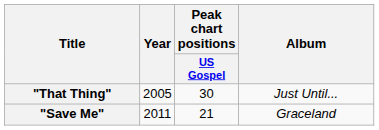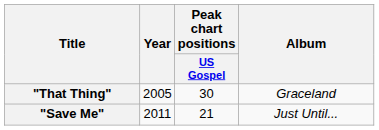 <table class="wikitable plainrowheaders" style="text-align:center;" border="1">
 <tr>
 <th scope="col" rowspan="2" style="width:10em;">Title</th>
 <th scope="col" rowspan="2" style="width:2em;">Year</th>
 <th scope="col" colspan="1">Peak<br>chart<br>positions</th>
 <th scope="col" rowspan="2" style="width:10em;">Album</th>
 </tr>
 <tr>
 <th scope="col" style="width:3em;font-size:85%;"><a href='#'>US<br>Gospel</a><br></th>
 </tr>
 <tr>
 <th scope="row">"That Thing"</th>
 <td rowspan="1">2005</td>
 <td>30</td>
-<td rowspan="1"><em>Just Until...</em></td>
+<td rowspan="1"><em>Graceland</em></td>
 </tr>
 <tr>
 <th scope="row">"Save Me"</th>
 <td rowspan="1">2011</td>
 <td>21</td>
-<td rowspan="1"><em>Graceland</em></td>
+<td rowspan="1"><em>Just Until...</em></td>
 </tr>
 </table>
